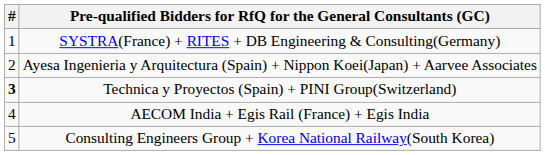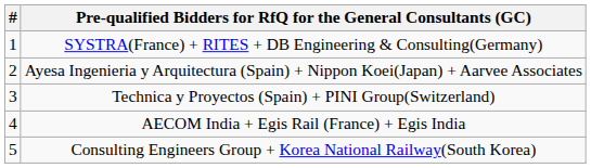 <table class="wikitable" style="text-align: center;">
 <tr>
 <th>#</th>
 <th>Pre-qualified Bidders for RfQ for the General Consultants (GC)</th>
 </tr>
 <tr>
 <td>1</td>
 <td><a href='#'>SYSTRA</a>(France) + <a href='#'>RITES</a> + DB Engineering & Consulting(Germany)</td>
 </tr>
 <tr>
 <td>2</td>
 <td>Ayesa Ingenieria y Arquitectura (Spain) + Nippon Koei(Japan) + Aarvee Associates</td>
 </tr>
 <tr>
-<td><strong>3</strong></td>
+<td>3</td>
 <td>Technica y Proyectos (Spain) + PINI Group(Switzerland)</td>
 </tr>
 <tr>
 <td>4</td>
 <td>AECOM India + Egis Rail (France) + Egis India</td>
 </tr>
 <tr>
 <td>5</td>
 <td>Consulting Engineers Group + <a href='#'>Korea National Railway</a>(South Korea)</td>
 </tr>
 </table>
